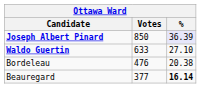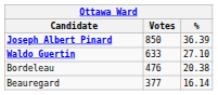 <table class="wikitable">
 <tr>
 <th colspan="3"><a href='#'>Ottawa Ward</a></th>
 </tr>
 <tr>
 <th style="width: 200px">Candidate</th>
 <th style="width: 50px">Votes</th>
 <th style="width: 40px">%</th>
 </tr>
 <tr>
 <td><strong><a href='#'>Joseph Albert Pinard</a></strong></td>
 <td>850</td>
-<td style="background: lavender;">36.39</td>
+<td>36.39</td>
 </tr>
 <tr>
 <td><strong><a href='#'>Waldo Guertin</a></strong></td>
 <td>633</td>
 <td>27.10</td>
 </tr>
 <tr>
 <td>Bordeleau</td>
 <td>476</td>
 <td>20.38</td>
 </tr>
 <tr>
 <td>Beauregard</td>
 <td>377</td>
-<td><strong>16.14</strong></td>
+<td>16.14</td>
 </tr>
 </table>
